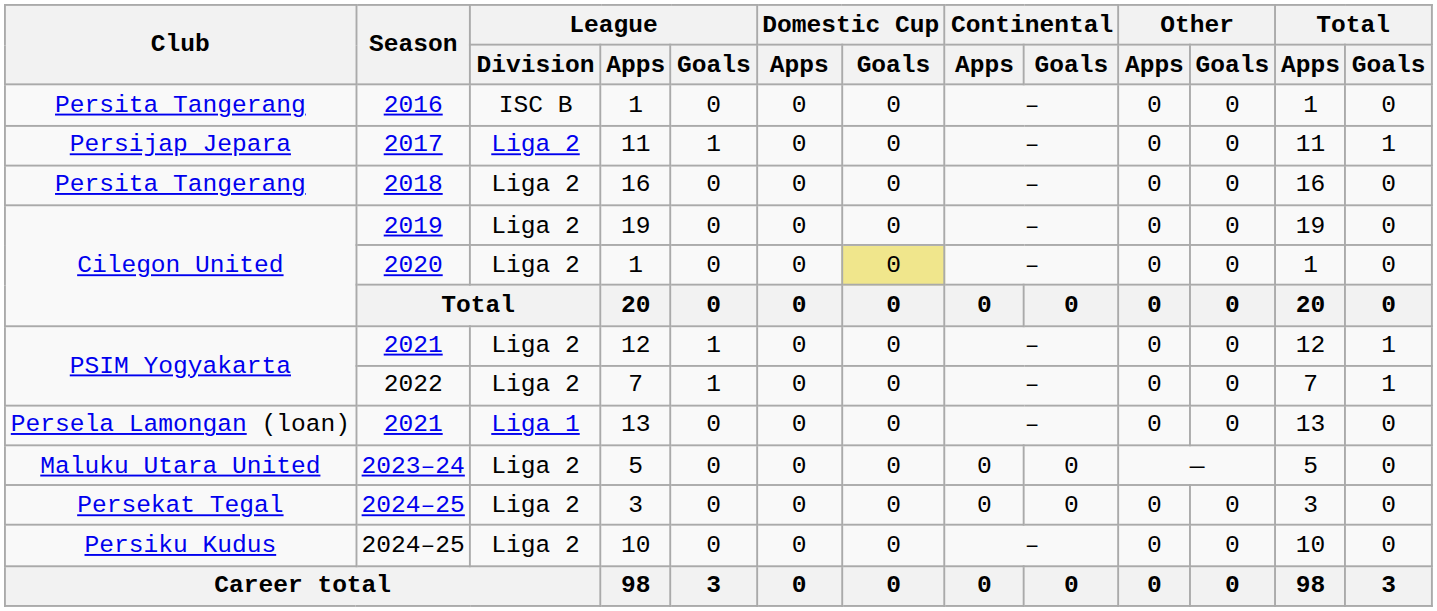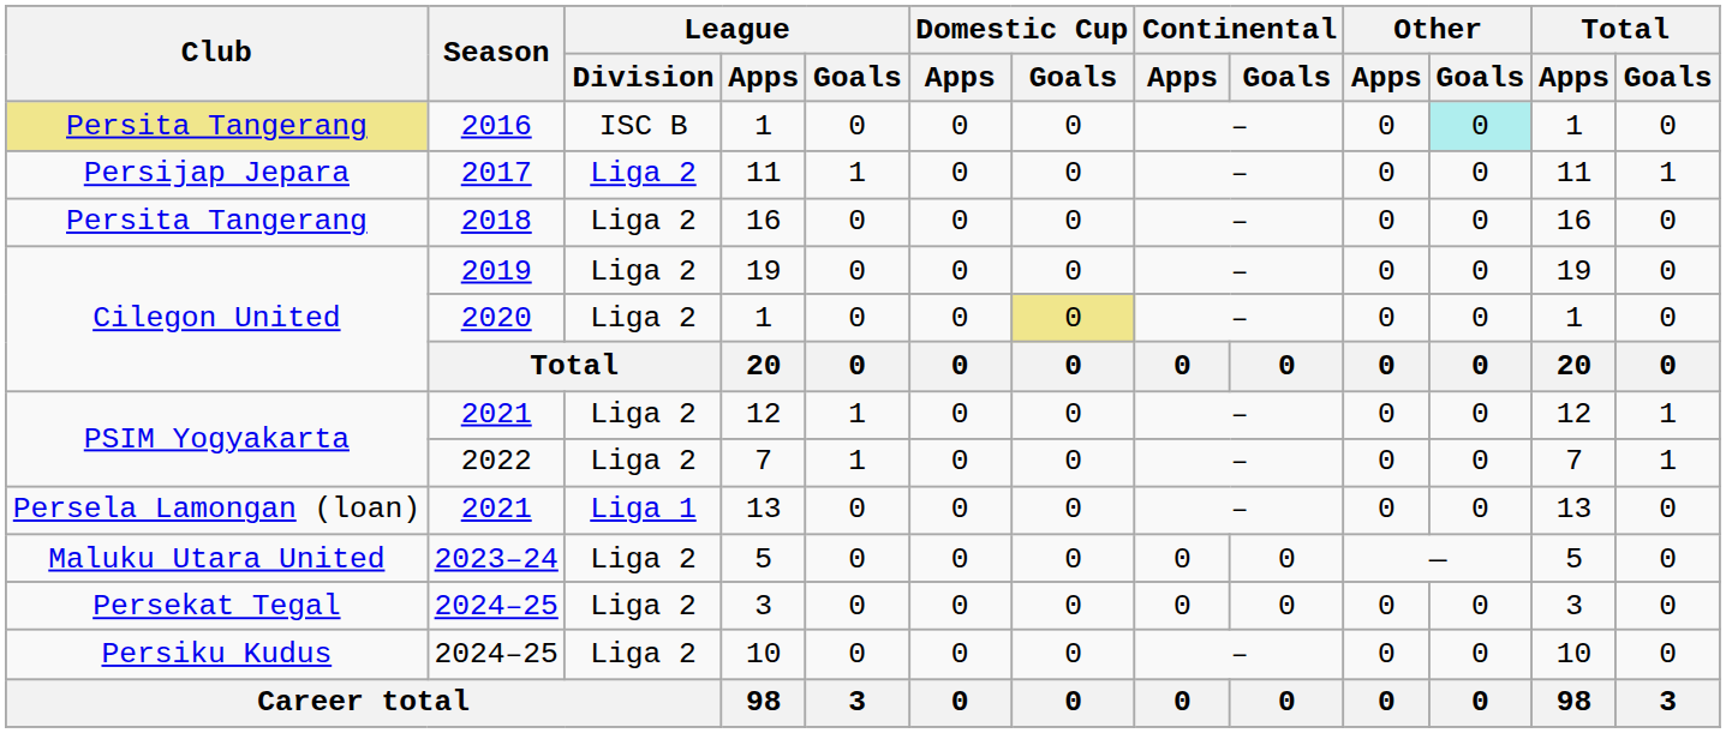 <table class="wikitable" style="text-align: center">
 <tr>
 <th rowspan="2">Club</th>
 <th rowspan="2">Season</th>
 <th colspan="3">League</th>
 <th colspan="2">Domestic Cup</th>
 <th colspan="2">Continental</th>
 <th colspan="2">Other</th>
 <th colspan="2">Total</th>
 </tr>
 <tr>
 <th>Division</th>
 <th>Apps</th>
 <th>Goals</th>
 <th>Apps</th>
 <th>Goals</th>
 <th>Apps</th>
 <th>Goals</th>
 <th>Apps</th>
 <th>Goals</th>
 <th>Apps</th>
 <th>Goals</th>
 </tr>
 <tr>
-<td rowspan="1"><a href='#'>Persita Tangerang</a></td>
+<td rowspan="1" style="background: khaki;"><a href='#'>Persita Tangerang</a></td>
 <td><a href='#'>2016</a></td>
 <td rowspan="1" valign="center">ISC B</td>
 <td>1</td>
 <td>0</td>
 <td>0</td>
 <td>0</td>
 <td colspan="2">–</td>
 <td>0</td>
-<td>0</td>
+<td style="background: paleturquoise;">0</td>
 <td>1</td>
 <td>0</td>
 </tr>
 <tr>
 <td rowspan="1"><a href='#'>Persijap Jepara</a></td>
 <td><a href='#'>2017</a></td>
 <td rowspan="1" valign="center"><a href='#'>Liga 2</a></td>
 <td>11</td>
 <td>1</td>
 <td>0</td>
 <td>0</td>
 <td colspan="2">–</td>
 <td>0</td>
 <td>0</td>
 <td>11</td>
 <td>1</td>
 </tr>
 <tr>
 <td rowspan="1"><a href='#'>Persita Tangerang</a></td>
 <td><a href='#'>2018</a></td>
 <td rowspan="1" valign="center">Liga 2</td>
 <td>16</td>
 <td>0</td>
 <td>0</td>
 <td>0</td>
 <td colspan="2">–</td>
 <td>0</td>
 <td>0</td>
 <td>16</td>
 <td>0</td>
 </tr>
 <tr>
 <td rowspan="3"><a href='#'>Cilegon United</a></td>
 <td><a href='#'>2019</a></td>
 <td rowspan="1" valign="center">Liga 2</td>
 <td>19</td>
 <td>0</td>
 <td>0</td>
 <td>0</td>
 <td colspan="2">–</td>
 <td>0</td>
 <td>0</td>
 <td>19</td>
 <td>0</td>
 </tr>
 <tr>
 <td><a href='#'>2020</a></td>
 <td rowspan="1" valign="center">Liga 2</td>
 <td>1</td>
 <td>0</td>
 <td>0</td>
 <td style="background: khaki;">0</td>
 <td colspan="2">–</td>
 <td>0</td>
 <td>0</td>
 <td>1</td>
 <td>0</td>
 </tr>
 <tr>
 <th colspan="2">Total</th>
 <th>20</th>
 <th>0</th>
 <th>0</th>
 <th>0</th>
 <th>0</th>
 <th>0</th>
 <th>0</th>
 <th>0</th>
 <th>20</th>
 <th>0</th>
 </tr>
 <tr>
 <td rowspan="2"><a href='#'>PSIM Yogyakarta</a></td>
 <td><a href='#'>2021</a></td>
 <td rowspan="1" valign="center">Liga 2</td>
 <td>12</td>
 <td>1</td>
 <td>0</td>
 <td>0</td>
 <td colspan="2">–</td>
 <td>0</td>
 <td>0</td>
 <td>12</td>
 <td>1</td>
 </tr>
 <tr>
 <td>2022</td>
 <td rowspan="1" valign="center">Liga 2</td>
 <td>7</td>
 <td>1</td>
 <td>0</td>
 <td>0</td>
 <td colspan="2">–</td>
 <td>0</td>
 <td>0</td>
 <td>7</td>
 <td>1</td>
 </tr>
 <tr>
 <td rowspan="1"><a href='#'>Persela Lamongan</a> (loan)</td>
 <td><a href='#'>2021</a></td>
 <td rowspan="1" valign="center"><a href='#'>Liga 1</a></td>
 <td>13</td>
 <td>0</td>
 <td>0</td>
 <td>0</td>
 <td colspan="2">–</td>
 <td>0</td>
 <td>0</td>
 <td>13</td>
 <td>0</td>
 </tr>
 <tr>
 <td rowspan="1"><a href='#'>Maluku Utara United</a></td>
 <td><a href='#'>2023–24</a></td>
 <td rowspan="1">Liga 2</td>
 <td>5</td>
 <td>0</td>
 <td>0</td>
 <td>0</td>
 <td>0</td>
 <td>0</td>
 <td colspan="2">—</td>
 <td>5</td>
 <td>0</td>
 </tr>
 <tr>
 <td rowspan="1"><a href='#'>Persekat Tegal</a></td>
 <td><a href='#'>2024–25</a></td>
 <td rowspan="1">Liga 2</td>
 <td>3</td>
 <td>0</td>
 <td>0</td>
 <td>0</td>
 <td>0</td>
 <td>0</td>
 <td>0</td>
 <td>0</td>
 <td>3</td>
 <td>0</td>
 </tr>
 <tr>
 <td rowspan="1"><a href='#'>Persiku Kudus</a></td>
 <td>2024–25</td>
 <td rowspan="1">Liga 2</td>
 <td>10</td>
 <td>0</td>
 <td>0</td>
 <td>0</td>
 <td colspan="2">–</td>
 <td>0</td>
 <td>0</td>
 <td>10</td>
 <td>0</td>
 </tr>
 <tr>
 <th colspan=3>Career total</th>
 <th>98</th>
 <th>3</th>
 <th>0</th>
 <th>0</th>
 <th>0</th>
 <th>0</th>
 <th>0</th>
 <th>0</th>
 <th>98</th>
 <th>3</th>
 </tr>
 </table>
